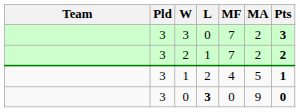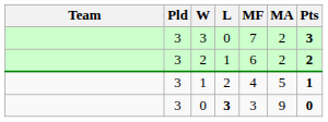 <table class=wikitable style="text-align:center">
 <tr>
 <th width=175>Team</th>
 <th width=20>Pld</th>
 <th width=20>W</th>
 <th width=20>L</th>
 <th width=20>MF</th>
 <th width=20>MA</th>
 <th width=20>Pts</th>
 </tr>
 <tr bgcolor=ccffcc>
 <td style="text-align:left"></td>
 <td>3</td>
 <td>3</td>
 <td>0</td>
 <td>7</td>
 <td>2</td>
 <td><strong>3</strong></td>
 </tr>
 <tr bgcolor=ccffcc style="border-bottom:2px solid green;">
 <td style="text-align:left"></td>
 <td>3</td>
 <td>2</td>
 <td>1</td>
-<td>7</td>
+<td>6</td>
 <td>2</td>
 <td><strong>2</strong></td>
 </tr>
 <tr>
 <td style="text-align:left"></td>
 <td>3</td>
 <td>1</td>
 <td>2</td>
 <td>4</td>
 <td>5</td>
 <td><strong>1</strong></td>
 </tr>
 <tr>
 <td style="text-align:left"></td>
 <td>3</td>
 <td>0</td>
 <td><strong>3</strong></td>
-<td>0</td>
+<td>3</td>
 <td>9</td>
 <td><strong>0</strong></td>
 </tr>
 </table>
